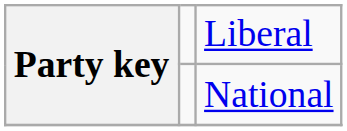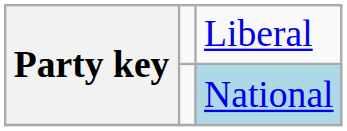 <table class=wikitable>
 <tr>
 <th rowspan=2>Party key</th>
 <td bgcolor=></td>
 <td><a href='#'>Liberal</a></td>
 </tr>
 <tr>
 <td bgcolor=></td>
-<td><a href='#'>National</a></td>
+<td style="background: lightblue;"><a href='#'>National</a></td>
 </tr>
 <tr>
 </tr>
 </table>
